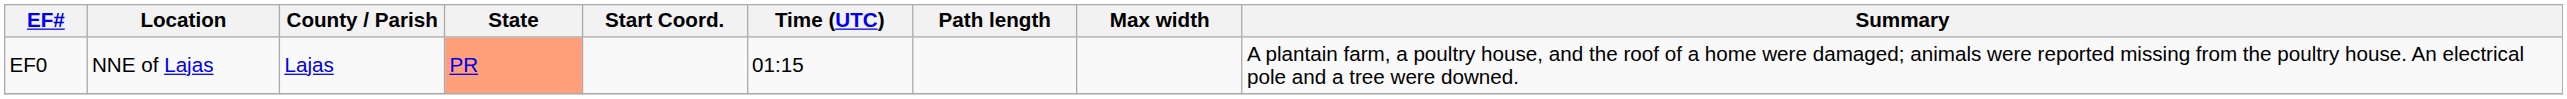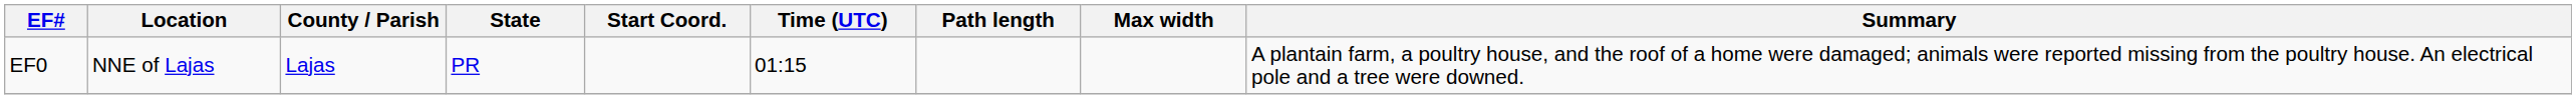 <table class="wikitable sortable" style="width:100%;">
 <tr>
 <th scope="col" style="width:3%; text-align:center;"><a href='#'>EF#</a></th>
 <th scope="col" style="width:7%; text-align:center;" class="unsortable">Location</th>
 <th scope="col" style="width:6%; text-align:center;" class="unsortable">County / Parish</th>
 <th scope="col" style="width:5%; text-align:center;">State</th>
 <th scope="col" style="width:6%; text-align:center;">Start Coord.</th>
 <th scope="col" style="width:6%; text-align:center;">Time (<a href='#'>UTC</a>)</th>
 <th scope="col" style="width:6%; text-align:center;">Path length</th>
 <th scope="col" style="width:6%; text-align:center;">Max width</th>
 <th scope="col" class="unsortable" style="width:48%; text-align:center;">Summary</th>
 </tr>
 <tr>
 <td bgcolor=>EF0</td>
 <td>NNE of <a href='#'>Lajas</a></td>
 <td><a href='#'>Lajas</a></td>
-<td style="background: lightsalmon;"><a href='#'>PR</a></td>
+<td><a href='#'>PR</a></td>
 <td></td>
 <td>01:15</td>
 <td></td>
 <td></td>
 <td>A plantain farm, a poultry house, and the roof of a home were damaged; animals were reported missing from the poultry house. An electrical pole and a tree were downed.</td>
 </tr>
 <tr>
 </tr>
 </table>
